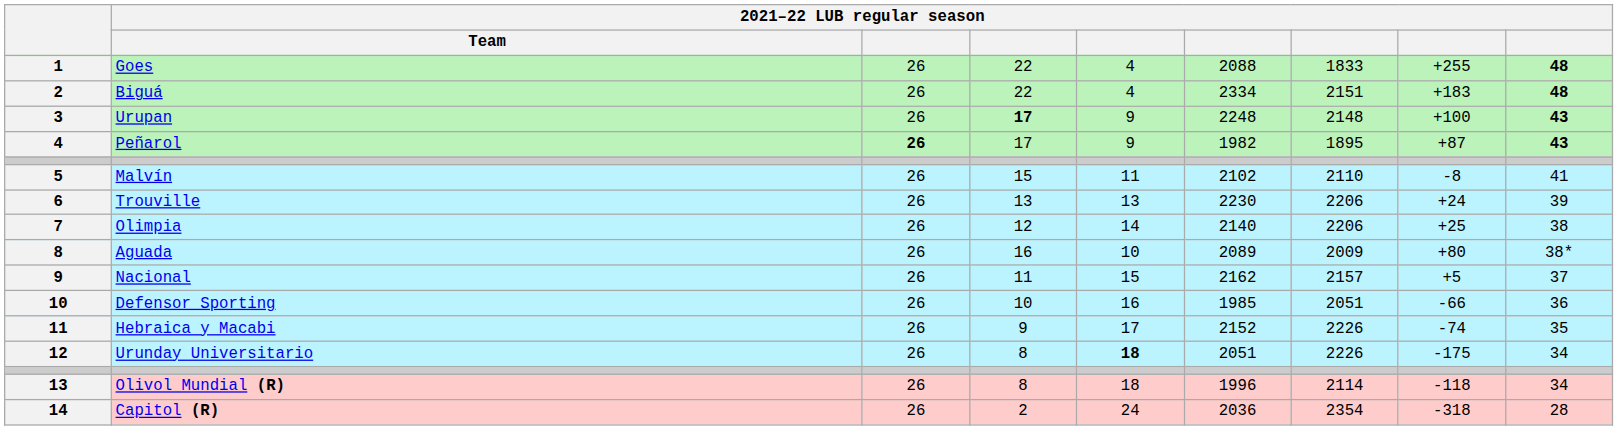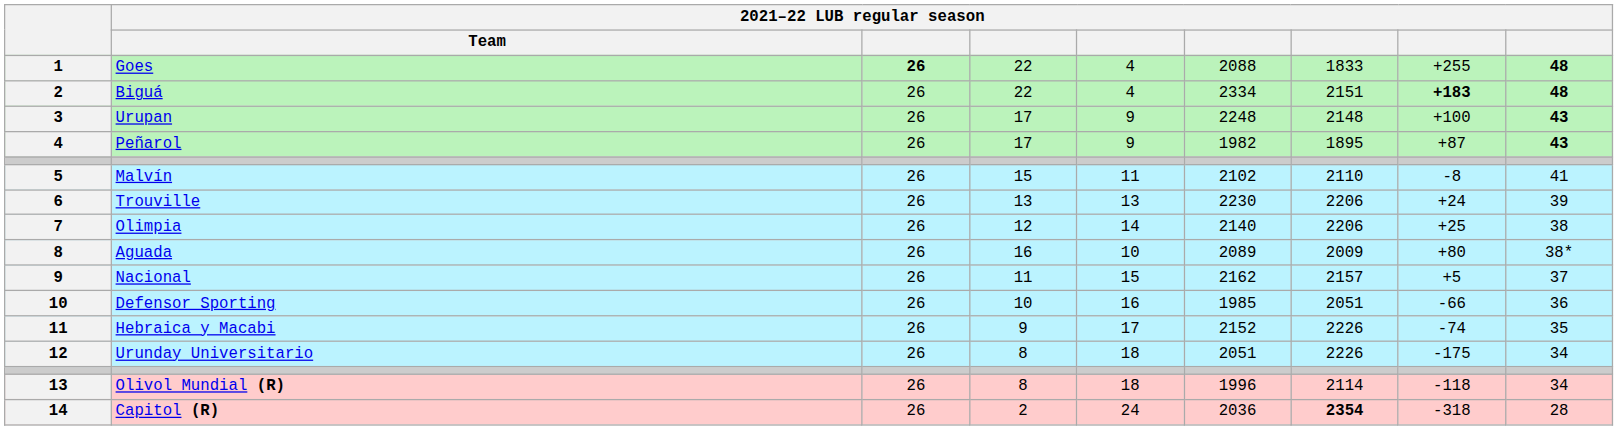 <table class="wikitable" width="80%" style="font-size:95%; text-align:center">
 <tr>
 <th rowspan="2" width="5%"></th>
 <th colspan="8" style="text-align:center"><strong>2021–22 LUB regular season</strong></th>
 </tr>
 <tr>
 <th width="35%">Team</th>
 <th width="5%"></th>
 <th width="5%"></th>
 <th width="5%"></th>
 <th width="5%"></th>
 <th width="5%"></th>
 <th width="5%"></th>
 <th width="5%"></th>
 </tr>
 <tr style="background-color:#BBF3BB;">
 <th>1</th>
 <td style="text-align:left;"><a href='#'>Goes</a></td>
-<td>26</td>
+<td><strong>26</strong></td>
 <td>22</td>
 <td>4</td>
 <td>2088</td>
 <td>1833</td>
 <td>+255</td>
 <td><strong>48</strong></td>
 </tr>
 <tr style="background-color:#BBF3BB;">
 <th>2</th>
 <td style="text-align:left;"><a href='#'>Biguá</a></td>
 <td>26</td>
 <td>22</td>
 <td>4</td>
 <td>2334</td>
 <td>2151</td>
-<td>+183</td>
+<td><strong>+183</strong></td>
 <td><strong>48</strong></td>
 </tr>
 <tr style="background-color:#BBF3BB;">
 <th>3</th>
 <td style="text-align:left;"><a href='#'>Urupan</a></td>
 <td>26</td>
-<td><strong>17</strong></td>
+<td>17</td>
 <td>9</td>
 <td>2248</td>
 <td>2148</td>
 <td>+100</td>
 <td><strong>43</strong></td>
 </tr>
 <tr style="background-color:#BBF3BB;">
 <th>4</th>
 <td style="text-align:left;"><a href='#'>Peñarol</a></td>
-<td><strong>26</strong></td>
+<td>26</td>
 <td>17</td>
 <td>9</td>
 <td>1982</td>
 <td>1895</td>
 <td>+87</td>
 <td><strong>43</strong></td>
 </tr>
 <tr style="background-color:#CCCCCC">
 <td></td>
 <td></td>
 <td></td>
 <td></td>
 <td></td>
 <td></td>
 <td></td>
 <td></td>
 <td></td>
 </tr>
 <tr style="background-color:#BBF3FF;">
 <th>5</th>
 <td style="text-align:left;"><a href='#'>Malvín</a></td>
 <td>26</td>
 <td>15</td>
 <td>11</td>
 <td>2102</td>
 <td>2110</td>
 <td>-8</td>
 <td>41</td>
 </tr>
 <tr style="background-color:#BBF3FF;">
 <th>6</th>
 <td style="text-align:left;"><a href='#'>Trouville</a></td>
 <td>26</td>
 <td>13</td>
 <td>13</td>
 <td>2230</td>
 <td>2206</td>
 <td>+24</td>
 <td>39</td>
 </tr>
 <tr style="background-color:#BBF3FF;">
 <th>7</th>
 <td style="text-align:left;"><a href='#'>Olimpia</a></td>
 <td>26</td>
 <td>12</td>
 <td>14</td>
 <td>2140</td>
 <td>2206</td>
 <td>+25</td>
 <td>38</td>
 </tr>
 <tr style="background-color:#BBF3FF;">
 <th>8</th>
 <td style="text-align:left;"><a href='#'>Aguada</a></td>
 <td>26</td>
 <td>16</td>
 <td>10</td>
 <td>2089</td>
 <td>2009</td>
 <td>+80</td>
 <td>38*</td>
 </tr>
 <tr style="background-color:#BBF3FF;">
 <th>9</th>
 <td style="text-align:left;"><a href='#'>Nacional</a></td>
 <td>26</td>
 <td>11</td>
 <td>15</td>
 <td>2162</td>
 <td>2157</td>
 <td>+5</td>
 <td>37</td>
 </tr>
 <tr style="background-color:#BBF3FF;">
 <th>10</th>
 <td style="text-align:left;"><a href='#'>Defensor Sporting</a></td>
 <td>26</td>
 <td>10</td>
 <td>16</td>
 <td>1985</td>
 <td>2051</td>
 <td>-66</td>
 <td>36</td>
 </tr>
 <tr style="background-color:#BBF3FF;">
 <th>11</th>
 <td style="text-align:left;"><a href='#'>Hebraica y Macabi</a></td>
 <td>26</td>
 <td>9</td>
 <td>17</td>
 <td>2152</td>
 <td>2226</td>
 <td>-74</td>
 <td>35</td>
 </tr>
 <tr style="background-color:#BBF3FF;">
 <th>12</th>
 <td style="text-align:left;"><a href='#'>Urunday Universitario</a></td>
 <td>26</td>
 <td>8</td>
-<td><strong>18</strong></td>
+<td>18</td>
 <td>2051</td>
 <td>2226</td>
 <td>-175</td>
 <td>34</td>
 </tr>
 <tr style="background-color:#CCCCCC">
 <td></td>
 <td></td>
 <td></td>
 <td></td>
 <td></td>
 <td></td>
 <td></td>
 <td></td>
 <td></td>
 </tr>
 <tr style="background-color:#fcc">
 <th>13</th>
 <td style="text-align:left;"><a href='#'>Olivol Mundial</a> <strong>(R)</strong></td>
 <td>26</td>
 <td>8</td>
 <td>18</td>
 <td>1996</td>
 <td>2114</td>
 <td>-118</td>
 <td>34</td>
 </tr>
 <tr style="background-color:#fcc">
 <th>14</th>
 <td style="text-align:left;"><a href='#'>Capitol</a> <strong>(R)</strong></td>
 <td>26</td>
 <td>2</td>
 <td>24</td>
 <td>2036</td>
-<td>2354</td>
+<td><strong>2354</strong></td>
 <td>-318</td>
 <td>28</td>
 </tr>
 </table>
